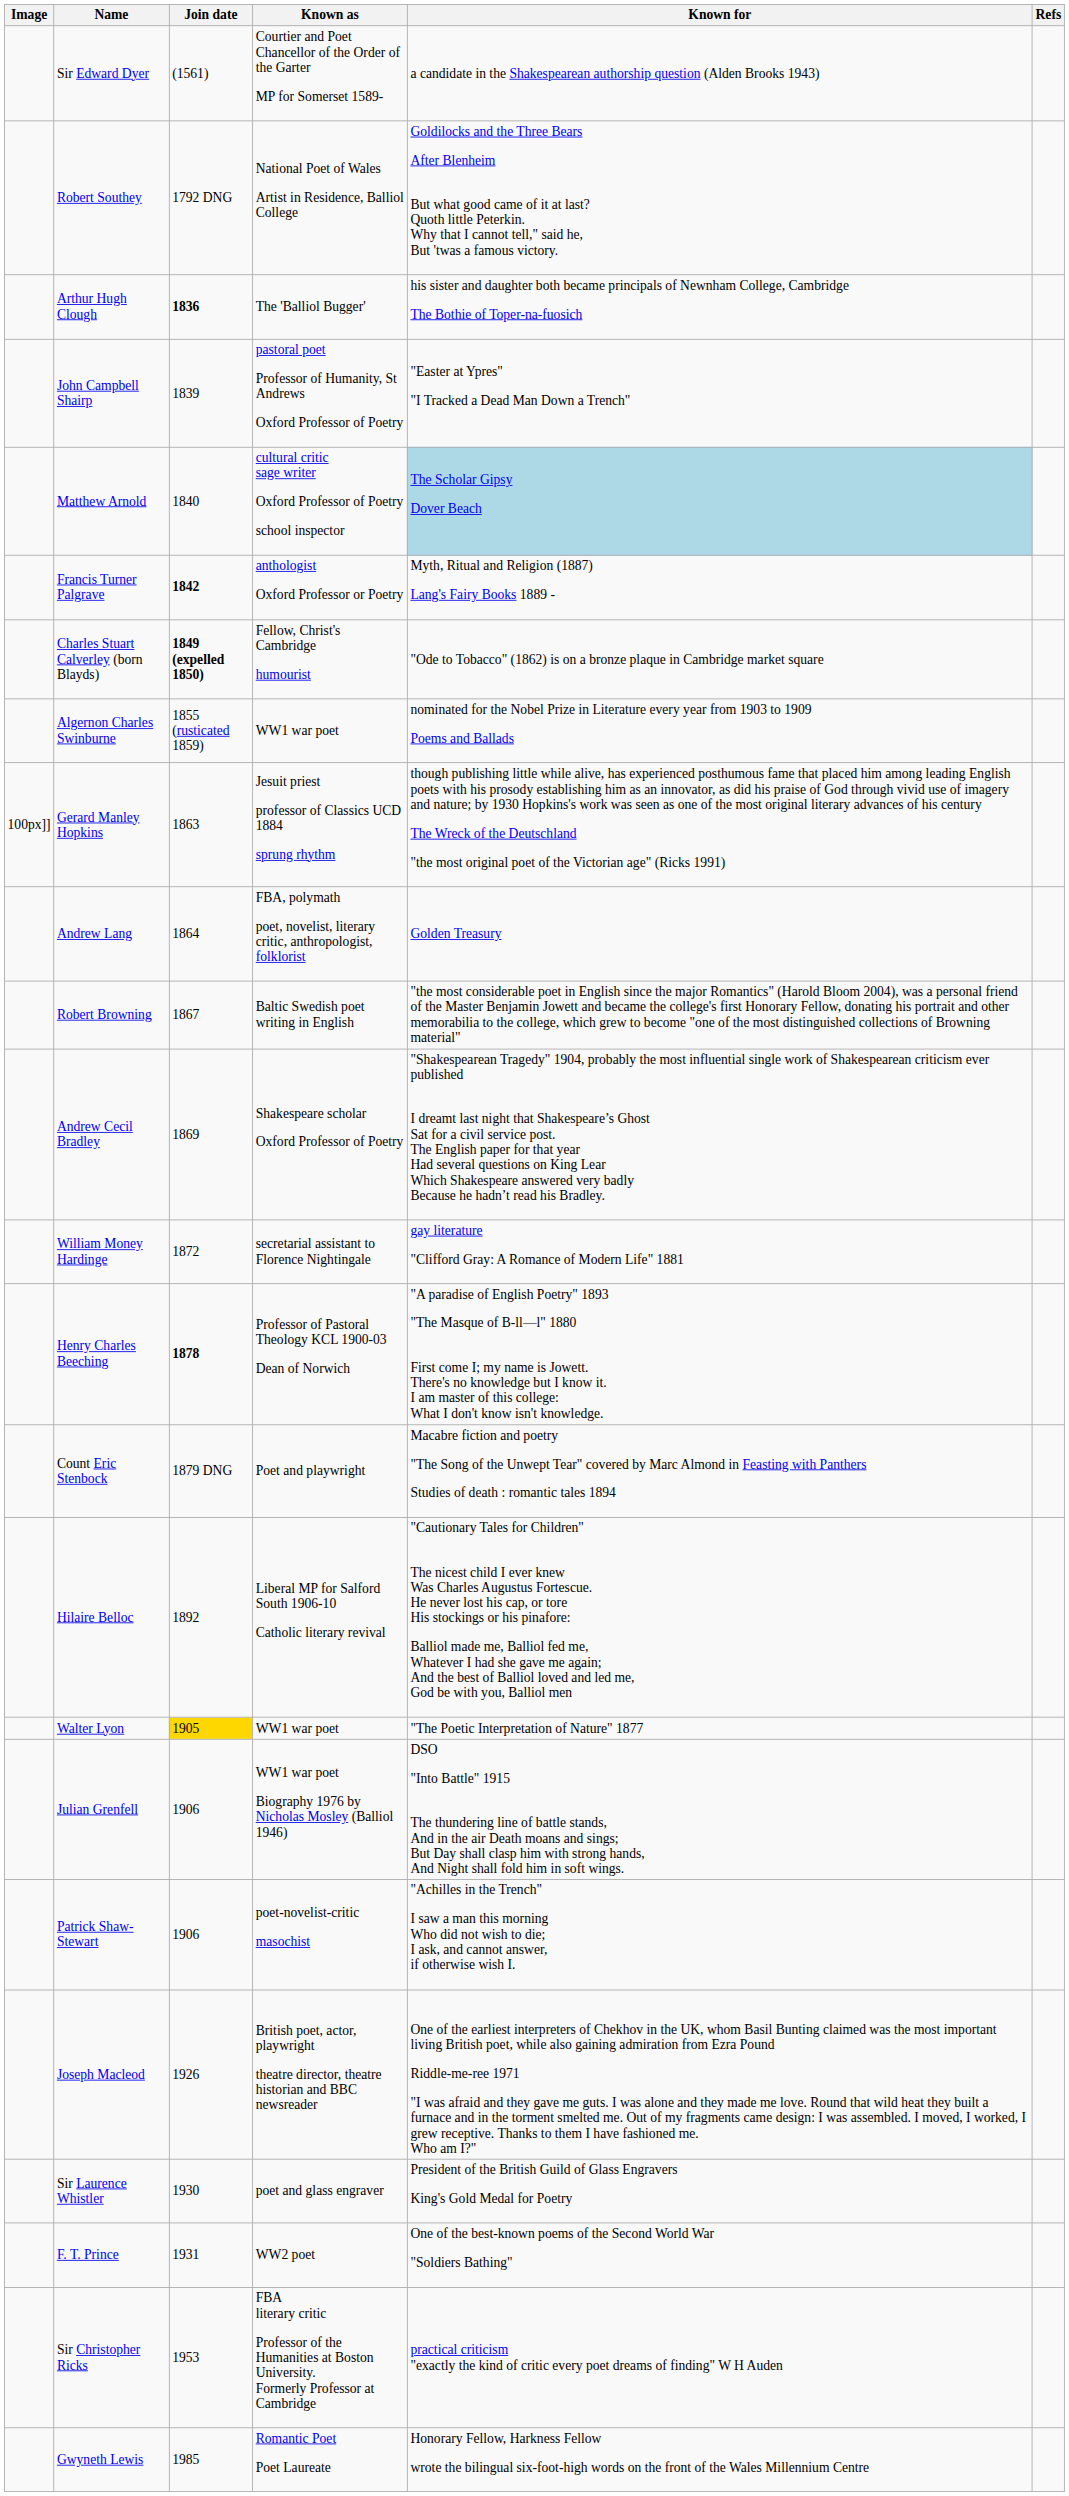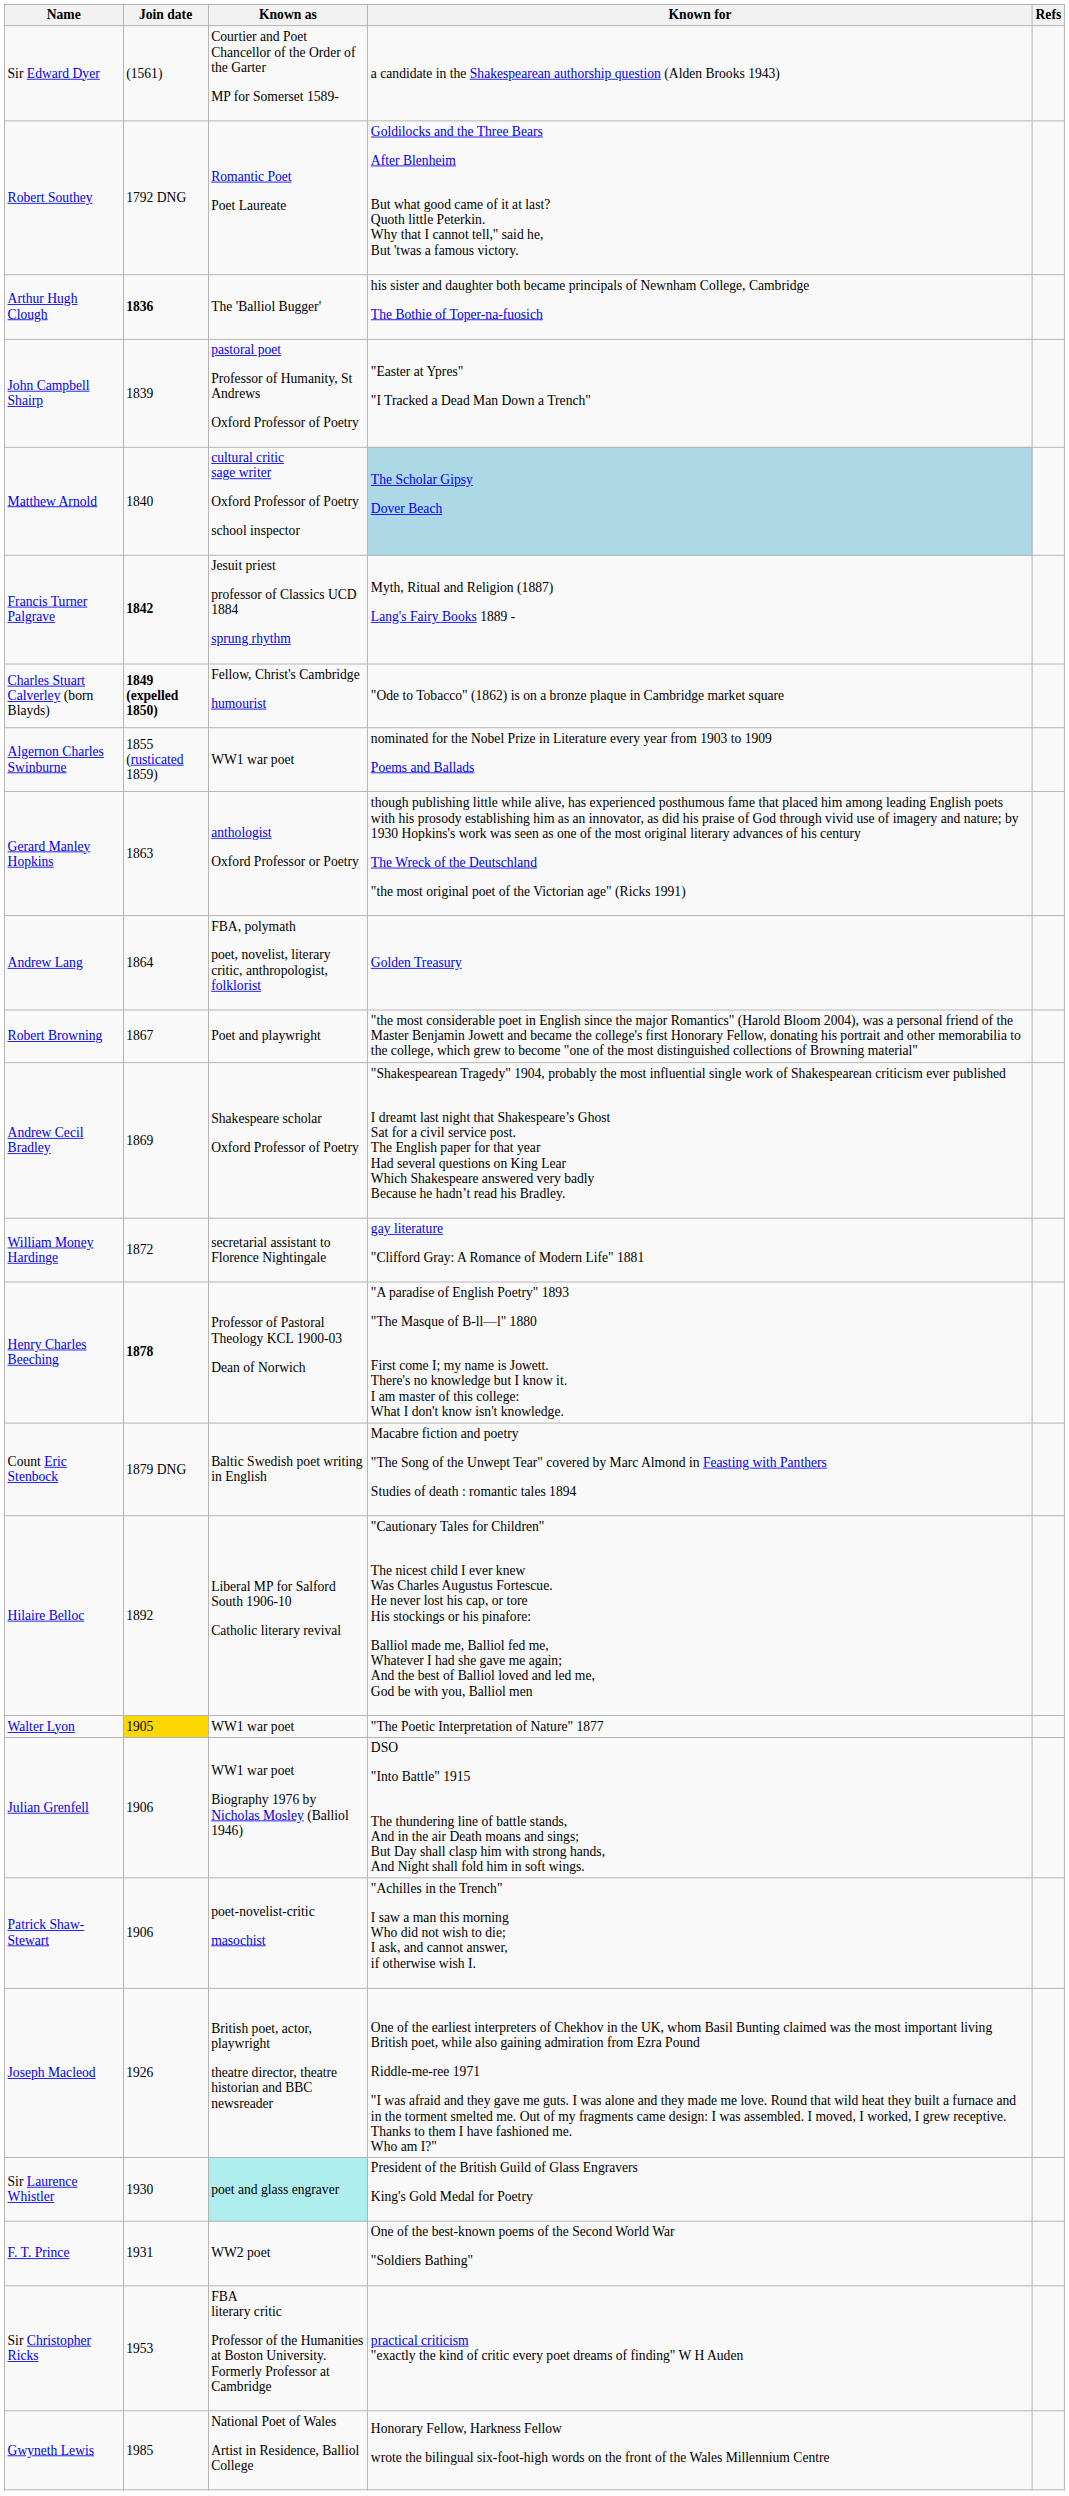 <table class="wikitable sortable">
 <tr>
-<th scope=col class="unsortable">Image</th>
 <th scope=col>Name</th>
 <th scope=col>Join date</th>
 <th scope=col>Known as</th>
 <th scope=col>Known for</th>
 <th scope=col>Refs</th>
 </tr>
 <tr>
-<td></td>
 <td>Sir <a href='#'>Edward Dyer</a></td>
 <td>(1561)</td>
 <td>Courtier and Poet Chancellor of the Order of the Garter<p>MP for Somerset 1589-</p></td>
 <td>a candidate in the <a href='#'>Shakespearean authorship question</a> (Alden Brooks 1943)</td>
 <td></td>
 </tr>
 <tr>
-<td></td>
 <td><a href='#'>Robert Southey</a></td>
 <td>1792 DNG</td>
-<td>National Poet of Wales<p>Artist in Residence, Balliol College</p></td>
+<td><a href='#'>Romantic Poet</a><p>Poet Laureate</p></td>
 <td><a href='#'>Goldilocks and the Three Bears</a><p><a href='#'>After Blenheim</a></p><p><br>But what good came of it at last?<br> Quoth little Peterkin.<br> Why that I cannot tell," said he,<br> But 'twas a famous victory.<br> </p></td>
 <td></td>
 </tr>
 <tr>
-<td></td>
 <td><a href='#'>Arthur Hugh Clough</a></td>
 <td><strong>1836</strong></td>
 <td>The 'Balliol Bugger'</td>
 <td>his sister and daughter both became principals of Newnham College, Cambridge<p><a href='#'>The Bothie of Toper-na-fuosich</a></p></td>
 <td></td>
 </tr>
 <tr>
-<td></td>
 <td><a href='#'>John Campbell Shairp</a></td>
 <td>1839</td>
 <td><a href='#'>pastoral poet</a><p>Professor of Humanity, St Andrews</p><p>Oxford Professor of Poetry</p></td>
 <td>"Easter at Ypres"<p>"I Tracked a Dead Man Down a Trench"</p></td>
 <td></td>
 </tr>
 <tr>
-<td></td>
 <td><a href='#'>Matthew Arnold</a></td>
 <td>1840</td>
 <td><a href='#'>cultural critic</a><br><a href='#'>sage writer</a><p>Oxford Professor of Poetry</p><p>school inspector</p></td>
 <td style="background: lightblue;"><a href='#'>The Scholar Gipsy</a><p><a href='#'>Dover Beach</a></p></td>
 <td></td>
 </tr>
 <tr>
-<td></td>
 <td><a href='#'>Francis Turner Palgrave</a></td>
 <td><strong>1842</strong></td>
-<td><a href='#'>anthologist</a><p>Oxford Professor or Poetry</p></td>
+<td>Jesuit priest<p>professor of Classics UCD 1884</p><p><a href='#'>sprung rhythm</a></p></td>
 <td>Myth, Ritual and Religion (1887) <p><a href='#'>Lang's Fairy Books</a> 1889 -</p></td>
 <td></td>
 </tr>
 <tr>
-<td></td>
 <td><a href='#'>Charles Stuart Calverley</a> (born Blayds)</td>
 <td><strong>1849 (expelled 1850)</strong></td>
 <td>Fellow, Christ's Cambridge<p><a href='#'>humourist</a></p></td>
 <td>"Ode to Tobacco" (1862) is on a bronze plaque in Cambridge market square</td>
 <td></td>
 </tr>
 <tr>
-<td></td>
 <td><a href='#'>Algernon Charles Swinburne</a></td>
 <td>1855 (<a href='#'>rusticated</a> 1859)</td>
 <td>WW1 war poet</td>
 <td>nominated for the Nobel Prize in Literature every year from 1903 to 1909<p><a href='#'>Poems and Ballads</a></p></td>
 <td></td>
 </tr>
 <tr>
-<td [File:GerardManleyHopkins.jpg>100px]]</td>
 <td><a href='#'>Gerard Manley Hopkins</a></td>
 <td>1863</td>
-<td>Jesuit priest<p>professor of Classics UCD 1884</p><p><a href='#'>sprung rhythm</a></p></td>
+<td><a href='#'>anthologist</a><p>Oxford Professor or Poetry</p></td>
 <td>though publishing little while alive, has experienced posthumous fame that placed him among leading English poets with his prosody establishing him as an innovator, as did his praise of God through vivid use of imagery and nature; by 1930 Hopkins's work was seen as one of the most original literary advances of his century<p><a href='#'>The Wreck of the Deutschland</a></p><p>"the most original poet of the Victorian age" (Ricks 1991)</p></td>
 <td></td>
 </tr>
 <tr>
-<td></td>
 <td><a href='#'>Andrew Lang</a></td>
 <td>1864</td>
 <td>FBA, polymath<p>poet, novelist, literary critic, anthropologist, <a href='#'>folklorist</a></p></td>
 <td><a href='#'>Golden Treasury</a></td>
 <td></td>
 </tr>
 <tr>
-<td></td>
 <td><a href='#'>Robert Browning</a></td>
 <td>1867</td>
-<td>Baltic Swedish poet writing in English</td>
+<td>Poet and playwright</td>
 <td>"the most considerable poet in English since the major Romantics" (Harold Bloom 2004), was a personal friend of the Master Benjamin Jowett and became the college's first Honorary Fellow, donating his portrait and other memorabilia to the college, which grew to become "one of the most distinguished collections of Browning material"</td>
 <td></td>
 </tr>
 <tr>
-<td></td>
 <td><a href='#'>Andrew Cecil Bradley</a></td>
 <td>1869</td>
 <td>Shakespeare scholar<p>Oxford Professor of Poetry</p></td>
 <td>"Shakespearean Tragedy" 1904, probably the most influential single work of Shakespearean criticism ever published <p><br>I dreamt last night that Shakespeare’s Ghost<br> Sat for a civil service post.<br> The English paper for that year<br> Had several questions on King Lear<br> Which Shakespeare answered very badly<br> Because he hadn’t read his Bradley.<br> </p></td>
 <td></td>
 </tr>
 <tr>
-<td></td>
 <td><a href='#'>William Money Hardinge</a></td>
 <td>1872</td>
 <td>secretarial assistant to Florence Nightingale</td>
 <td><a href='#'>gay literature</a><p>"Clifford Gray: A Romance of Modern Life" 1881</p></td>
 <td></td>
 </tr>
 <tr>
-<td></td>
 <td><a href='#'>Henry Charles Beeching</a></td>
 <td><strong>1878</strong></td>
 <td>Professor of Pastoral Theology KCL 1900-03<p>Dean of Norwich</p></td>
 <td>"A paradise of English Poetry" 1893<p>"The Masque of B-ll—l" 1880</p><br>First come I; my name is Jowett.<br> There's no knowledge but I know it.<br> I am master of this college:<br> What I don't know isn't knowledge.<br></td>
 <td></td>
 </tr>
 <tr>
-<td></td>
 <td>Count <a href='#'>Eric Stenbock</a></td>
 <td>1879 DNG</td>
-<td>Poet and playwright</td>
+<td>Baltic Swedish poet writing in English</td>
 <td>Macabre fiction and poetry<p>"The Song of the Unwept Tear" covered by Marc Almond in <a href='#'>Feasting with Panthers</a></p><p>Studies of death : romantic tales 1894</p></td>
 <td></td>
 </tr>
 <tr>
-<td></td>
 <td><a href='#'>Hilaire Belloc</a></td>
 <td>1892</td>
 <td>Liberal MP for Salford South 1906-10<p>Catholic literary revival</p></td>
 <td>"Cautionary Tales for Children"<p><br>The nicest child I ever knew<br> Was Charles Augustus Fortescue.<br> He never lost his cap, or tore<br> His stockings or his pinafore:<br> </p> Balliol made me, Balliol fed me,<br> Whatever I had she gave me again;<br> And the best of Balliol loved and led me,<br> God be with you, Balliol men<br> </p></td>
 <td></td>
 </tr>
 <tr>
-<td></td>
 <td><a href='#'>Walter Lyon</a></td>
 <td style="background: gold;">1905</td>
 <td>WW1 war poet</td>
 <td>"The Poetic Interpretation of Nature" 1877</td>
 <td></td>
 </tr>
 <tr>
-<td></td>
 <td><a href='#'>Julian Grenfell</a></td>
 <td>1906</td>
 <td>WW1 war poet<p>Biography 1976 by <a href='#'>Nicholas Mosley</a> (Balliol 1946)</p></td>
 <td>DSO<p>"Into Battle" 1915</p><br>The thundering line of battle stands,<br> And in the air Death moans and sings;<br> But Day shall clasp him with strong hands,<br> And Night shall fold him in soft wings.<br></td>
 <td></td>
 </tr>
 <tr>
-<td></td>
 <td><a href='#'>Patrick Shaw-Stewart</a></td>
 <td>1906</td>
 <td>poet-novelist-critic<p><a href='#'>masochist</a></p></td>
 <td>"Achilles in the Trench"<br><p> I saw a man this morning<br> Who did not wish to die;<br> I ask, and cannot answer,<br> if otherwise wish I.<br> </p></td>
 <td></td>
 </tr>
 <tr>
-<td></td>
 <td><a href='#'>Joseph Macleod</a></td>
 <td>1926</td>
 <td>British poet, actor, playwright<p>theatre director, theatre historian and BBC newsreader</p></td>
 <td><br><p>One of the earliest interpreters of Chekhov in the UK, whom Basil Bunting claimed was the most important living British poet, while also gaining admiration from Ezra Pound</p> <p>Riddle-me-ree 1971</p> "I was afraid and they gave me guts. I was alone and they made me love. Round that wild heat they built a furnace and in the torment smelted me. Out of my fragments came design: I was assembled. I moved, I worked, I grew receptive. Thanks to them I have fashioned me. <br>Who am I?"</td>
 <td></td>
 </tr>
 <tr>
-<td></td>
 <td>Sir <a href='#'>Laurence Whistler</a></td>
 <td>1930</td>
-<td>poet and glass engraver</td>
+<td style="background: paleturquoise;">poet and glass engraver</td>
 <td>President of the British Guild of Glass Engravers<p>King's Gold Medal for Poetry</p></td>
 <td></td>
 </tr>
 <tr>
-<td></td>
 <td><a href='#'>F. T. Prince</a></td>
 <td>1931</td>
 <td>WW2 poet</td>
 <td>One of the best-known poems of the Second World War<p>"Soldiers Bathing"</p></td>
 <td></td>
 </tr>
 <tr>
-<td></td>
 <td>Sir <a href='#'>Christopher Ricks</a></td>
 <td>1953</td>
 <td>FBA<br>literary critic<p>Professor of the Humanities at Boston University.<br>Formerly Professor at Cambridge</p></td>
 <td><a href='#'>practical criticism</a><br>"exactly the kind of critic every poet dreams of finding" W H Auden</td>
 <td></td>
 </tr>
 <tr>
-<td></td>
 <td><a href='#'>Gwyneth Lewis</a></td>
 <td>1985</td>
-<td><a href='#'>Romantic Poet</a><p>Poet Laureate</p></td>
+<td>National Poet of Wales<p>Artist in Residence, Balliol College</p></td>
 <td>Honorary Fellow, Harkness Fellow <p>wrote the bilingual six-foot-high words on the front of the Wales Millennium Centre</p></td>
 <td></td>
 </tr>
 </table>
